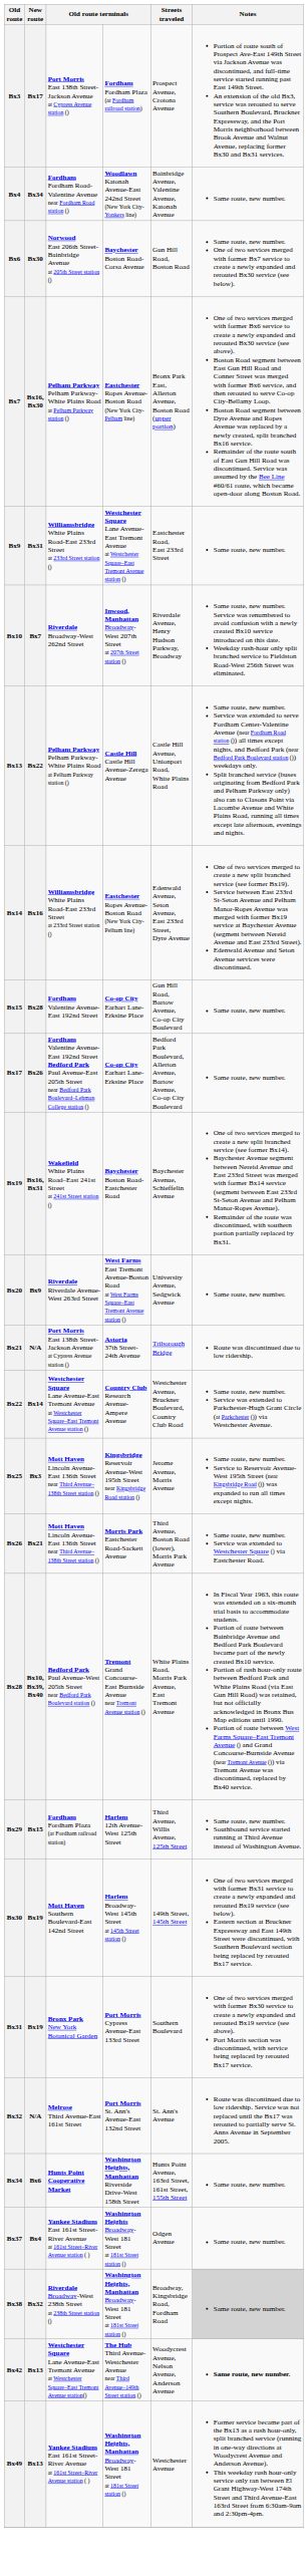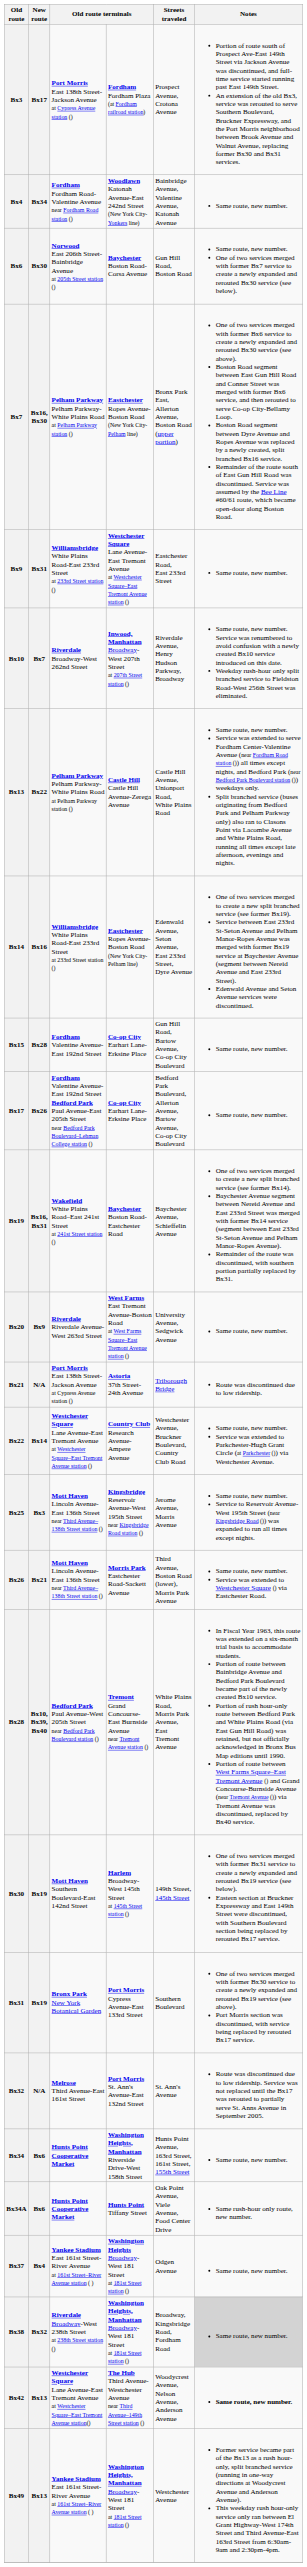 <table class=wikitable style="font-size: 90%;" |>
 <tr>
 <th>Old route</th>
 <th>New route</th>
 <th colspan=2>Old route terminals</th>
 <th>Streets traveled</th>
 <th>Notes</th>
 </tr>
 <tr>
 <th>Bx3</th>
 <th>Bx17</th>
 <td><strong><a href='#'>Port Morris</a></strong><br>East 138th Street-Jackson Avenue<br><small>at <a href='#'>Cypress Avenue station</a> ()</small></td>
 <td><strong><a href='#'>Fordham</a></strong><br>Fordham Plaza<br><small>(at <a href='#'>Fordham railroad station</a>)</small></td>
 <td>Prospect Avenue,<br>Crotona Avenue</td>
 <td><br><ul><li>Portion of route south of Prospect Ave-East 149th Street via Jackson Avenue was discontinued, and full-time service started running past East 149th Street.</li><li>An extension of the old Bx3, service was rerouted to serve Southern Boulevard, Bruckner Expressway, and the Port Morris neighborhood between Brook Avenue and Walnut Avenue, replacing former Bx30 and Bx31 services.</li></ul></td>
 </tr>
 <tr>
 <th>Bx4</th>
 <th>Bx34</th>
 <td><strong><a href='#'>Fordham</a></strong><br>Fordham Road-Valentine Avenue<br><small>near <a href='#'>Fordham Road station</a> ()</small></td>
 <td><strong><a href='#'>Woodlawn</a></strong><br>Katonah Avenue-East 242nd Street<br><small>(New York City-<a href='#'>Yonkers</a> line)</small></td>
 <td>Bainbridge Avenue,<br>Valentine Avenue,<br>Katonah Avenue</td>
 <td><br><ul><li>Same route, new number.</li></ul></td>
 </tr>
 <tr>
 <th>Bx6</th>
 <th>Bx30</th>
 <td><strong><a href='#'>Norwood</a><br></strong>East 206th Street-Bainbridge Avenue<br><small>at <a href='#'>205th Street station</a> ()</small></td>
 <td><strong><a href='#'>Baychester</a></strong><br>Boston Road-Corsa Avenue</td>
 <td>Gun Hill Road,<br>Boston Road</td>
 <td><br><ul><li>Same route, new number.</li><li>One of two services merged with former Bx7 service to create a newly expanded and rerouted Bx30 service (see below).</li></ul></td>
 </tr>
 <tr>
 <th>Bx7</th>
 <th>Bx16,<br>Bx30</th>
 <td><strong><a href='#'>Pelham Parkway</a></strong><br>Pelham Parkway-White Plains Road<br><small>at <a href='#'>Pelham Parkway station</a> ()</small></td>
 <td><strong><a href='#'>Eastchester</a></strong><br>Ropes Avenue-Boston Road<br><small>(New York City-<a href='#'>Pelham</a> line)</small></td>
 <td>Bronx Park East,<br>Allerton Avenue,<br>Boston Road<br>(<a href='#'>upper portion</a>)</td>
 <td><br><ul><li>One of two services merged with former Bx6 service to create a newly expanded and rerouted Bx30 service (see above).</li><li>Boston Road segment between East Gun Hill Road and Conner Street was merged with former Bx6 service, and then rerouted to serve Co-op City-Bellamy Loop.</li><li>Boston Road segment between Dyre Avenue and Ropes Avenue was replaced by a newly created, split branched Bx16 service.</li><li>Remainder of the route south of East Gun Hill Road was discontinued. Service was assumed by the <a href='#'>Bee Line</a> #60/61 route, which became open-door along Boston Road.</li></ul></td>
 </tr>
 <tr>
 <th>Bx9</th>
 <th>Bx31</th>
 <td><strong><a href='#'>Williamsbridge</a></strong><br>White Plains Road-East 233rd Street<br><small>at <a href='#'>233rd Street station</a> ()</small></td>
 <td><strong><a href='#'>Westchester Square</a></strong><br>Lane Avenue-East Tremont Avenue<br><small>at <a href='#'>Westchester Square–East Tremont Avenue station</a> ()</small></td>
 <td>Eastchester Road,<br>East 233rd Street</td>
 <td><br><ul><li>Same route, new number.</li></ul></td>
 </tr>
 <tr>
 <th>Bx10</th>
 <th>Bx7</th>
 <td><strong><a href='#'>Riverdale</a></strong><br>Broadway-West 262nd Street</td>
 <td><strong><a href='#'>Inwood, Manhattan</a></strong><br><a href='#'>Broadway</a>-West 207th Street<br><small>at <a href='#'>207th Street station</a> ()</small></td>
 <td>Riverdale Avenue,<br>Henry Hudson Parkway,<br>Broadway</td>
 <td><br><ul><li>Same route, new number. Service was renumbered to avoid confusion with a newly created Bx10 service introduced on this date.</li><li>Weekday rush-hour only split branched service to Fieldston Road-West 256th Street was eliminated.</li></ul></td>
 </tr>
 <tr>
 <th>Bx13</th>
 <th>Bx22</th>
 <td><strong><a href='#'>Pelham Parkway</a></strong><br>Pelham Parkway-White Plains Road<br><small>at Pelham Parkway station ()</small></td>
 <td><strong><a href='#'>Castle Hill</a></strong><br>Castle Hill Avenue-Zerega Avenue</td>
 <td>Castle Hill Avenue,<br>Unionport Road,<br>White Plains Road</td>
 <td><br><ul><li>Same route, new number.</li><li>Service was extended to serve Fordham Center-Valentine Avenue (<small>near <a href='#'>Fordham Road station</a> ()</small>) all times except nights, and Bedford Park (<small>near <a href='#'>Bedford Park Boulevard station</a> ()</small>) weekdays only.</li><li>Split branched service (buses originating from Bedford Park and Pelham Parkway only) also ran to Clasons Point via Lacombe Avenue and White Plains Road, running all times except late afternoon, evenings and nights.</li></ul></td>
 </tr>
 <tr>
 <th>Bx14</th>
 <th>Bx16</th>
 <td><strong><a href='#'>Williamsbridge</a></strong><br>White Plains Road-East 233rd Street<br><small>at 233rd Street station ()</small></td>
 <td><strong><a href='#'>Eastchester</a></strong><br>Ropes Avenue-Boston Road<br><small>(New York City-Pelham line)</small></td>
 <td>Edenwald Avenue,<br>Seton Avenue,<br>East 233rd Street,<br>Dyre Avenue</td>
 <td><br><ul><li>One of two services merged to create a new split branched service (see former Bx19).</li><li>Service between East 233rd St-Seton Avenue and Pelham Manor-Ropes Avenue was merged with former Bx19 service at Baychester Avenue (segment between Nereid Avenue and East 233rd Street).</li><li>Edenwald Avenue and Seton Avenue services were discontinued.</li></ul></td>
 </tr>
 <tr>
 <th>Bx15</th>
 <th>Bx28</th>
 <td><strong><a href='#'>Fordham</a></strong><br>Valentine Avenue-East 192nd Street</td>
 <td><strong><a href='#'>Co-op City</a></strong><br>Earhart Lane-Erksine Place</td>
 <td>Gun Hill Road,<br>Bartow Avenue,<br>Co-op City Boulevard</td>
 <td><br><ul><li>Same route, new number.</li></ul></td>
 </tr>
 <tr>
 <th>Bx17</th>
 <th>Bx26</th>
 <td><strong><a href='#'>Fordham</a></strong><br>Valentine Avenue-East 192nd Street<br><strong><a href='#'>Bedford Park</a></strong><br>Paul Avenue-East 205th Street<br><small>near <a href='#'>Bedford Park Boulevard–Lehman College station</a> ()</small></td>
 <td><strong><a href='#'>Co-op City</a></strong><br>Earhart Lane-Erksine Place</td>
 <td>Bedford Park Boulevard,<br>Allerton Avenue,<br>Bartow Avenue,<br>Co-op City Boulevard</td>
 <td><br><ul><li>Same route, new number.</li></ul></td>
 </tr>
 <tr>
 <th>Bx19</th>
 <th>Bx16,<br>Bx31</th>
 <td><strong><a href='#'>Wakefield</a></strong><br>White Plains Road–East 241st Street<br><small>at <a href='#'>241st Street station</a> ()</small></td>
 <td><strong><a href='#'>Baychester</a></strong><br>Boston Road-Eastchester Road</td>
 <td>Baychester Avenue,<br>Schieffelin Avenue</td>
 <td><br><ul><li>One of two services merged to create a new split branched service (see former Bx14).</li><li>Baychester Avenue segment between Nereid Avenue and East 233rd Street was merged with former Bx14 service (segment between East 233rd St-Seton Avenue and Pelham Manor-Ropes Avenue).</li><li>Remainder of the route was discontinued, with southern portion partially replaced by Bx31.</li></ul></td>
 </tr>
 <tr>
 <th>Bx20</th>
 <th>Bx9</th>
 <td><strong><a href='#'>Riverdale</a></strong><br>Riverdale Avenue-West 263rd Street</td>
 <td><strong><a href='#'>West Farms</a></strong><br>East Tremont Avenue-Boston Road<br><small>at <a href='#'>West Farms Square–East Tremont Avenue station</a> ()</small></td>
 <td>University Avenue,<br>Sedgwick Avenue</td>
 <td><br><ul><li>Same route, new number.</li></ul></td>
 </tr>
 <tr>
 <th>Bx21</th>
 <th>N/A</th>
 <td><strong><a href='#'>Port Morris</a></strong><br>East 138th Street-Jackson Avenue<br><small>at Cypress Avenue station ()</small></td>
 <td><strong><a href='#'>Astoria</a></strong><br>37th Street-24th Avenue</td>
 <td><a href='#'>Triborough Bridge</a></td>
 <td><br><ul><li>Route was discontinued due to low ridership.</li></ul></td>
 </tr>
 <tr>
 <th>Bx22</th>
 <th>Bx14</th>
 <td><strong><a href='#'>Westchester Square</a></strong><br>Lane Avenue-East Tremont Avenue<br><small>at <a href='#'>Westchester Square–East Tremont Avenue station</a> ()</small></td>
 <td><strong><a href='#'>Country Club</a></strong><br>Research Avenue-Ampere Avenue</td>
 <td>Westchester Avenue,<br>Bruckner Boulevard,<br>Country Club Road</td>
 <td><br><ul><li>Same route, new number.</li><li>Service was extended to Parkchester-Hugh Grant Circle (<small>at <a href='#'>Parkchester</a> ()</small>) via Westchester Avenue.</li></ul></td>
 </tr>
 <tr>
 <th>Bx25</th>
 <th>Bx3</th>
 <td><strong><a href='#'>Mott Haven</a></strong><br>Lincoln Avenue-East 136th Street<br><small>near <a href='#'>Third Avenue–138th Street station</a> ()</small></td>
 <td><strong><a href='#'>Kingsbridge</a></strong><br>Reservoir Avenue-West 195th Street<br><small>near <a href='#'>Kingsbridge Road station</a> ()</small></td>
 <td>Jerome Avenue,<br>Morris Avenue</td>
 <td><br><ul><li>Same route, new number.</li><li>Service to Reservoir Avenue-West 195th Street (<small>near <a href='#'>Kingsbridge Road</a> ()</small>) was expanded to run all times except nights.</li></ul></td>
 </tr>
 <tr>
 <th>Bx26</th>
 <th>Bx21</th>
 <td><strong><a href='#'>Mott Haven</a></strong><br>Lincoln Avenue-East 136th Street<br><small>near <a href='#'>Third Avenue–138th Street station</a> ()</small></td>
 <td><strong><a href='#'>Morris Park</a></strong><br>Eastchester Road-Sackett Avenue</td>
 <td>Third Avenue,<br>Boston Road (lower),<br>Morris Park Avenue</td>
 <td><br><ul><li>Same route, new number.</li><li>Service was extended to <a href='#'>Westchester Square</a> <small>()</small> via Eastchester Road.</li></ul></td>
 </tr>
 <tr>
 <th>Bx28</th>
 <th>Bx10,<br>Bx39,<br>Bx40</th>
 <td><strong><a href='#'>Bedford Park</a></strong><br>Paul Avenue-West 205th Street<br><small>near <a href='#'>Bedford Park Boulevard station</a> ()</small></td>
 <td><strong><a href='#'>Tremont</a></strong><br>Grand Concourse-East Burnside Avenue<br><small>near <a href='#'>Tremont Avenue station</a> ()</small></td>
 <td>White Plains Road,<br>Morris Park Avenue,<br>East Tremont Avenue</td>
 <td><br><ul><li>In Fiscal Year 1963, this route was extended on a six-month trial basis to accommodate students.</li><li>Portion of route between Bainbridge Avenue and Bedford Park Boulevard became part of the newly created Bx10 service.</li><li>Portion of rush hour-only route between Bedford Park and White Plains Road (via East Gun Hill Road) was retained, but not officially acknowledged in Bronx Bus Map editions until 1990.</li><li>Portion of route between <a href='#'>West Farms Square–East Tremont Avenue</a> <small>()</small> and Grand Concourse-Burnside Avenue (<small>near <a href='#'>Tremont Avenue</a> ()</small>) via Tremont Avenue was discontinued, replaced by Bx40 service.</li></ul></td>
 </tr>
 <tr>
-<th>Bx29</th>
-<th>Bx15</th>
-<td><strong><a href='#'>Fordham</a></strong><br>Fordham Plaza<br><small>(at Fordham railroad station)</small></td>
-<td><strong><a href='#'>Harlem</a></strong><br>12th Avenue-West 125th Street</td>
-<td>Third Avenue,<br>Willis Avenue,<br><a href='#'>125th Street</a></td>
-<td><br><ul><li>Same route, new number.</li><li>Southbound service started running at Third Avenue instead of Washington Avenue.</li></ul></td>
-</tr>
-<tr>
 <th>Bx30</th>
 <th>Bx19</th>
 <td><strong><a href='#'>Mott Haven</a></strong><br>Southern Boulevard-East 142nd Street</td>
 <td><strong><a href='#'>Harlem</a></strong><br>Broadway-West 145th Street<br><small>at <a href='#'>145th Street station</a> ()</small></td>
 <td>149th Street,<br><a href='#'>145th Street</a></td>
 <td><br><ul><li>One of two services merged with former Bx31 service to create a newly expanded and rerouted Bx19 service (see below).</li><li>Eastern section at Bruckner Expressway and East 149th Street were discontinued, with Southern Boulevard section being replaced by rerouted Bx17 service.</li></ul></td>
 </tr>
 <tr>
 <th>Bx31</th>
 <th>Bx19</th>
 <td><strong><a href='#'>Bronx Park</a></strong><br><a href='#'>New York Botanical Garden</a></td>
 <td><strong><a href='#'>Port Morris</a></strong><br>Cypress Avenue-East 133rd Street</td>
 <td>Southern Boulevard</td>
 <td><br><ul><li>One of two services merged with former Bx30 service to create a newly expanded and rerouted Bx19 service (see above).</li><li>Port Morris section was discontinued, with service being replaced by rerouted Bx17 service.</li></ul></td>
 </tr>
 <tr>
 <th>Bx32</th>
 <th>N/A</th>
 <td><strong><a href='#'>Melrose</a></strong><br>Third Avenue-East 161st Street</td>
 <td><strong><a href='#'>Port Morris</a></strong><br>St. Ann's Avenue-East 132nd Street</td>
 <td>St. Ann's Avenue</td>
 <td><br><ul><li>Route was discontinued due to low ridership. Service was not replaced until the Bx17 was rerouted to partially serve St. Anns Avenue in September 2005.</li></ul></td>
 </tr>
 <tr>
 <th>Bx34</th>
 <th>Bx6</th>
 <td><strong><a href='#'>Hunts Point Cooperative Market</a></strong></td>
 <td><strong><a href='#'>Washington Heights, Manhattan</a></strong><br>Riverside Drive-West 158th Street</td>
 <td>Hunts Point Avenue,<br>163rd Street,<br>161st Street,<br><a href='#'>155th Street</a></td>
 <td><br><ul><li>Same route, new number.</li></ul></td>
+</tr>
+<tr>
+<th>Bx34A</th>
+<th>Bx6</th>
+<td><strong><a href='#'>Hunts Point Cooperative Market</a></strong></td>
+<td><strong><a href='#'>Hunts Point</a></strong><br>Tiffany Street</td>
+<td>Oak Point Avenue,<br>Viele Avenue,<br>Food Center Drive</td>
+<td><br><ul><li>Same rush-hour only route, new number.</li></ul></td>
 </tr>
 <tr>
 <th>Bx37</th>
 <th>Bx4</th>
 <td><strong><a href='#'>Yankee Stadium</a></strong><br>East 161st Street-River Avenue <br><small>at <a href='#'>161st Street–River Avenue station</a> ( )</small></td>
 <td><strong><a href='#'>Washington Heights</a></strong><br><a href='#'>Broadway</a>-West 181 Street<br><small>at <a href='#'>181st Street station</a> ()</small></td>
 <td>Odgen Avenue</td>
 <td><br><ul><li>Same route, new number.</li></ul></td>
 </tr>
 <tr>
 <th>Bx38</th>
 <th>Bx32</th>
 <td><strong><a href='#'>Riverdale</a></strong><br><a href='#'>Broadway</a>-West 238th Street<br><small>at <a href='#'>238th Street station</a> ()</small></td>
 <td><strong><a href='#'>Washington Heights, Manhattan</a></strong><br><a href='#'>Broadway</a>-West 181 Street<br><small>at <a href='#'>181st Street station</a> ()</small></td>
 <td>Broadway,<br>Kingsbridge Road,<br>Fordham Road</td>
 <td style="background: lightgrey;"><br><ul><li>Same route, new number.</li></ul></td>
 </tr>
 <tr>
 <th>Bx42</th>
 <th>Bx13</th>
 <td><strong><a href='#'>Westchester Square</a></strong><br>Lane Avenue-East Tremont Avenue<br><small>at <a href='#'>Westchester Square–East Tremont Avenue station</a>()</small></td>
 <td><strong><a href='#'>The Hub</a></strong><br>Third Avenue-Westchester Avenue<br><small>near <a href='#'>Third Avenue–149th Street station</a> ()</small></td>
 <td>Woodycrest Avenue,<br>Nelson Avenue,<br>Anderson Avenue</td>
 <td><strong><br><ul><li>Same route, new number.</li></ul></strong></td>
 </tr>
 <tr>
 <th>Bx49</th>
 <th>Bx13</th>
 <td><strong><a href='#'>Yankee Stadium</a></strong><br>East 161st Street-River Avenue <br><small>at <a href='#'>161st Street–River Avenue station</a> ( )</small></td>
 <td><strong><a href='#'>Washington Heights, Manhattan</a></strong><br><a href='#'>Broadway</a>-West 181 Street<br><small>at <a href='#'>181st Street station</a> ()</small></td>
 <td>Westchester Avenue</td>
 <td><br><ul><li>Former service became part of the Bx13 as a rush hour-only, split branched service (running in one-way directions at Woodycrest Avenue and Anderson Avenue).</li><li>This weekday rush hour-only service only ran between El Grant Highway-West 174th Street and Third Avenue-East 163rd Street from 6:30am-9am and 2:30pm-4pm.</li></ul></td>
 </tr>
 <tr>
 </tr>
 </table>
